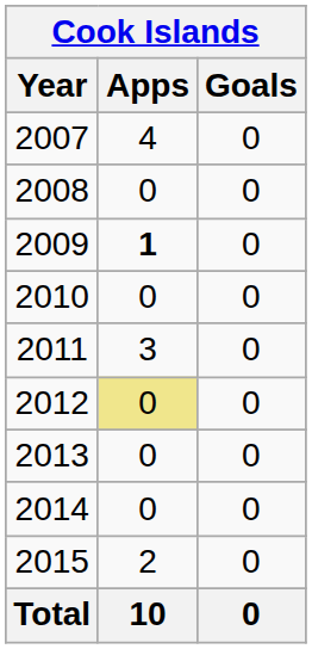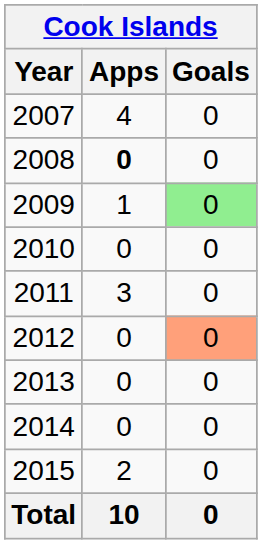 <table class="wikitable" style="text-align:center">
 <tr>
 <th colspan=3><a href='#'>Cook Islands</a></th>
 </tr>
 <tr>
 <th>Year</th>
 <th>Apps</th>
 <th>Goals</th>
 </tr>
 <tr>
 <td>2007</td>
 <td>4</td>
 <td>0</td>
 </tr>
 <tr>
 <td>2008</td>
-<td>0</td>
+<td><strong>0</strong></td>
 <td>0</td>
 </tr>
 <tr>
 <td>2009</td>
-<td><strong>1</strong></td>
-<td>0</td>
+<td>1</td>
+<td style="background: lightgreen;">0</td>
 </tr>
 <tr>
 <td>2010</td>
 <td>0</td>
 <td>0</td>
 </tr>
 <tr>
 <td>2011</td>
 <td>3</td>
 <td>0</td>
 </tr>
 <tr>
 <td>2012</td>
-<td style="background: khaki;">0</td>
 <td>0</td>
+<td style="background: lightsalmon;">0</td>
 </tr>
 <tr>
 <td>2013</td>
 <td>0</td>
 <td>0</td>
 </tr>
 <tr>
 <td>2014</td>
 <td>0</td>
 <td>0</td>
 </tr>
 <tr>
 <td>2015</td>
 <td>2</td>
 <td>0</td>
 </tr>
 <tr>
 <th>Total</th>
 <th>10</th>
 <th>0</th>
 </tr>
 </table>
